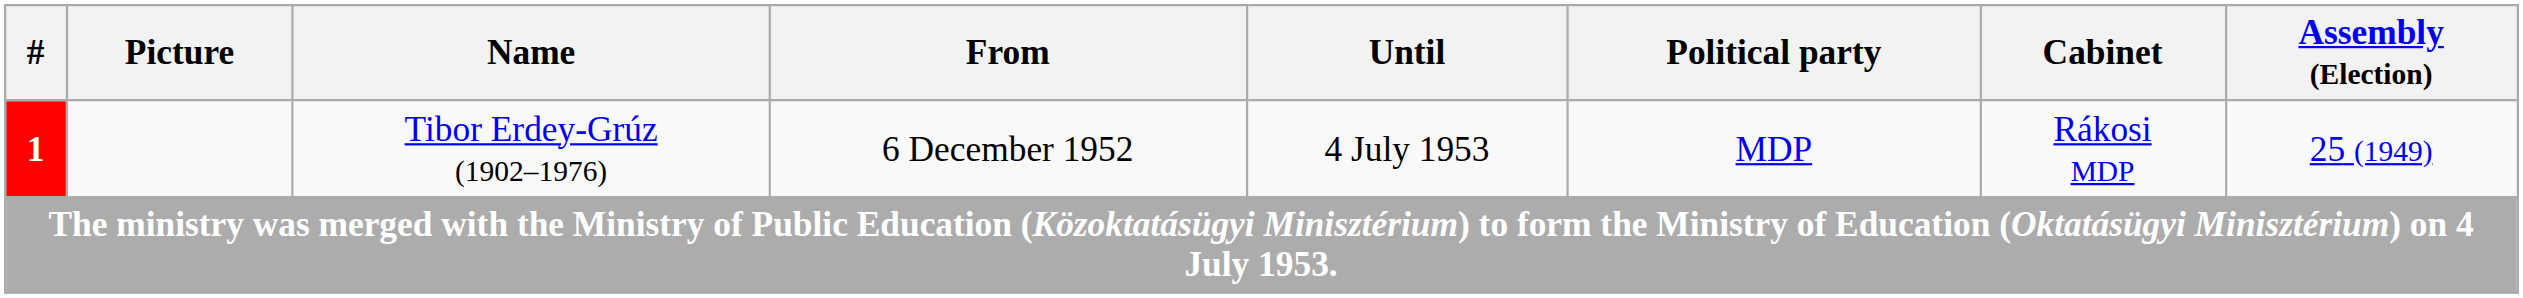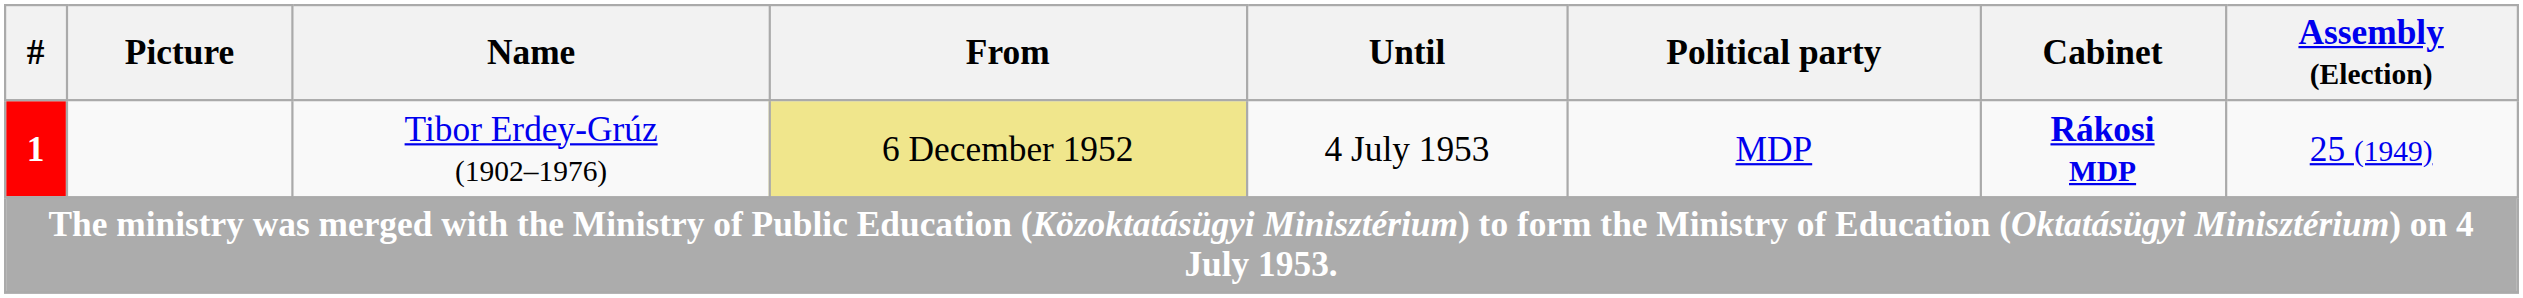 <table width=90% class="wikitable" style="text-align:center">
 <tr>
 <th>#</th>
 <th>Picture</th>
 <th>Name</th>
 <th>From</th>
 <th>Until</th>
 <th>Political party</th>
 <th>Cabinet</th>
 <th><a href='#'>Assembly</a><br><small>(Election)</small></th>
 </tr>
 <tr>
 <th style="background:Red; color:white">1</th>
 <td></td>
 <td><a href='#'>Tibor Erdey-Grúz</a><br><small>(1902–1976)</small></td>
-<td>6 December 1952</td>
+<td style="background: khaki;">6 December 1952</td>
 <td>4 July 1953</td>
 <td><a href='#'>MDP</a></td>
-<td><a href='#'>Rákosi</a><br><small><a href='#'>MDP</a></small></td>
+<td><strong><a href='#'>Rákosi</a><br><small><a href='#'>MDP</a></small></strong></td>
 <td><a href='#'>25 <small>(1949)</small></a></td>
 </tr>
 <tr>
 <th colspan="8" style="background-color:#ACACAC; color:white">The ministry was merged with the Ministry of Public Education (<em>Közoktatásügyi Minisztérium</em>) to form the Ministry of Education (<em>Oktatásügyi Minisztérium</em>) on 4 July 1953.</th>
 </tr>
 <tr>
 </tr>
 </table>
